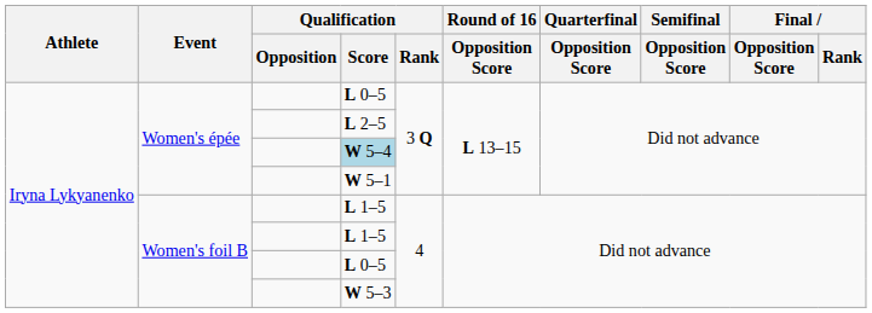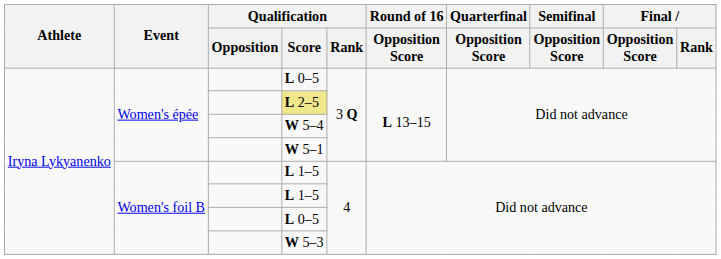 <table class=wikitable style="font-size:90%">
 <tr>
 <th rowspan="2">Athlete</th>
 <th rowspan="2">Event</th>
 <th colspan="3">Qualification</th>
 <th>Round of 16</th>
 <th>Quarterfinal</th>
 <th>Semifinal</th>
 <th colspan="2">Final / </th>
 </tr>
 <tr>
 <th>Opposition</th>
 <th>Score</th>
 <th>Rank</th>
 <th>Opposition<br>Score</th>
 <th>Opposition<br>Score</th>
 <th>Opposition<br>Score</th>
 <th>Opposition<br>Score</th>
 <th>Rank</th>
 </tr>
 <tr>
 <td rowspan=8><a href='#'>Iryna Lykyanenko</a></td>
 <td rowspan=4><a href='#'>Women's épée</a></td>
 <td></td>
 <td><strong>L</strong> 0–5</td>
 <td align="center" rowspan=4>3 <strong>Q</strong></td>
 <td align="center" rowspan=4><br><strong>L</strong> 13–15</td>
 <td align="center" rowspan=4 colspan=4>Did not advance</td>
 </tr>
 <tr>
 <td></td>
-<td><strong>L</strong> 2–5</td>
+<td style="background: khaki;"><strong>L</strong> 2–5</td>
 </tr>
 <tr>
 <td></td>
-<td style="background: lightblue;"><strong>W</strong> 5–4</td>
+<td><strong>W</strong> 5–4</td>
 </tr>
 <tr>
 <td></td>
 <td><strong>W</strong> 5–1</td>
 </tr>
 <tr>
 <td rowspan=4><a href='#'>Women's foil B</a></td>
 <td></td>
 <td><strong>L</strong> 1–5</td>
 <td align="center" rowspan=4>4</td>
 <td align="center" rowspan=4 colspan=5>Did not advance</td>
 </tr>
 <tr>
 <td></td>
 <td><strong>L</strong> 1–5</td>
 </tr>
 <tr>
 <td></td>
 <td><strong>L</strong> 0–5</td>
 </tr>
 <tr>
 <td></td>
 <td><strong>W</strong> 5–3</td>
 </tr>
 </table>
